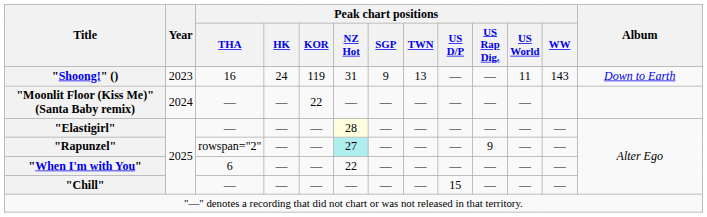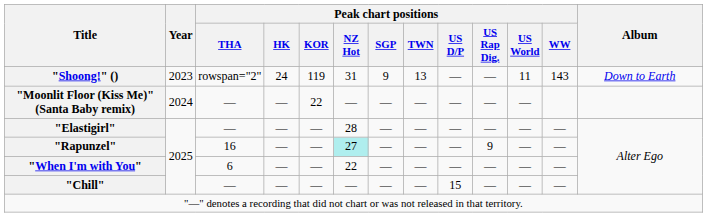 <table class="wikitable plainrowheaders" style="text-align:center;">
 <tr>
 <th scope="col" rowspan="2" style="width:13em;">Title</th>
 <th scope="col" rowspan="2" style="width:2em;">Year</th>
 <th scope="col" colspan="10">Peak chart positions</th>
 <th scope="col" rowspan="2" style="width:10em;">Album</th>
 </tr>
 <tr>
 <th scope="col" style="width:2.75em;font-size:90%;"><a href='#'>THA</a><br></th>
 <th scope="col" style="width:2.75em;font-size:90%;"><a href='#'>HK</a><br></th>
 <th scope="col" style="width:2.75em;font-size:90%;"><a href='#'>KOR</a><br></th>
 <th scope="col" style="width:2.75em;font-size:90%;"><a href='#'>NZ<br>Hot</a><br></th>
 <th scope="col" style="width:2.75em;font-size:90%;"><a href='#'>SGP</a><br></th>
 <th scope="col" style="width:2.75em;font-size:90%;"><a href='#'>TWN</a><br></th>
 <th scope="col" style="width:2.75em;font-size:90%;"><a href='#'>US<br>D/P</a><br></th>
 <th scope="col" style="width:2.75em;font-size:90%;"><a href='#'>US<br>Rap<br>Dig.</a><br></th>
 <th scope="col" style="width:2.75em;font-size:90%;"><a href='#'>US<br>World</a><br></th>
 <th scope="col" style="width:2.75em;font-size:90%;"><a href='#'>WW</a><br></th>
 </tr>
 <tr>
 <th scope="row">"<a href='#'>Shoong!</a>" ()<br></th>
 <td>2023</td>
-<td>16</td>
+<td>rowspan="2" </td>
 <td>24</td>
 <td>119</td>
 <td>31</td>
 <td>9</td>
 <td>13</td>
 <td>—</td>
 <td>—</td>
 <td>11</td>
 <td>143</td>
 <td><em><a href='#'>Down to Earth</a></em></td>
 </tr>
 <tr>
 <th scope="row">"Moonlit Floor (Kiss Me)" (Santa Baby remix)</th>
 <td>2024</td>
 <td>—</td>
 <td>—</td>
 <td>22</td>
 <td>—</td>
 <td>—</td>
 <td>—</td>
 <td>—</td>
 <td>—</td>
 <td>—</td>
 <td></td>
 </tr>
 <tr>
 <th scope="row">"Elastigirl"</th>
 <td rowspan="4">2025</td>
 <td>—</td>
 <td>—</td>
 <td>—</td>
-<td style="background: lightyellow;">28</td>
+<td>28</td>
 <td>—</td>
 <td>—</td>
 <td>—</td>
 <td>—</td>
 <td>—</td>
 <td>—</td>
 <td rowspan="4"><em>Alter Ego</em></td>
 </tr>
 <tr>
 <th scope="row">"Rapunzel"<br></th>
-<td>rowspan="2" </td>
+<td>16</td>
 <td>—</td>
 <td>—</td>
 <td style="background: paleturquoise;">27</td>
 <td>—</td>
 <td>—</td>
 <td>—</td>
 <td>9</td>
 <td>—</td>
 <td>—</td>
 </tr>
 <tr>
 <th scope="row">"<a href='#'>When I'm with You</a>"<br></th>
 <td>6</td>
 <td>—</td>
 <td>—</td>
 <td>22</td>
 <td>—</td>
 <td>—</td>
 <td>—</td>
 <td>—</td>
 <td>—</td>
 <td>—</td>
 </tr>
 <tr>
 <th scope="row">"Chill"</th>
 <td>—</td>
 <td>—</td>
 <td>—</td>
 <td>—</td>
 <td>—</td>
 <td>—</td>
 <td>15</td>
 <td>—</td>
 <td>—</td>
 <td>—</td>
 </tr>
 <tr>
 <td colspan="13" style="font-size:90%">"—" denotes a recording that did not chart or was not released in that territory.</td>
 </tr>
 </table>
